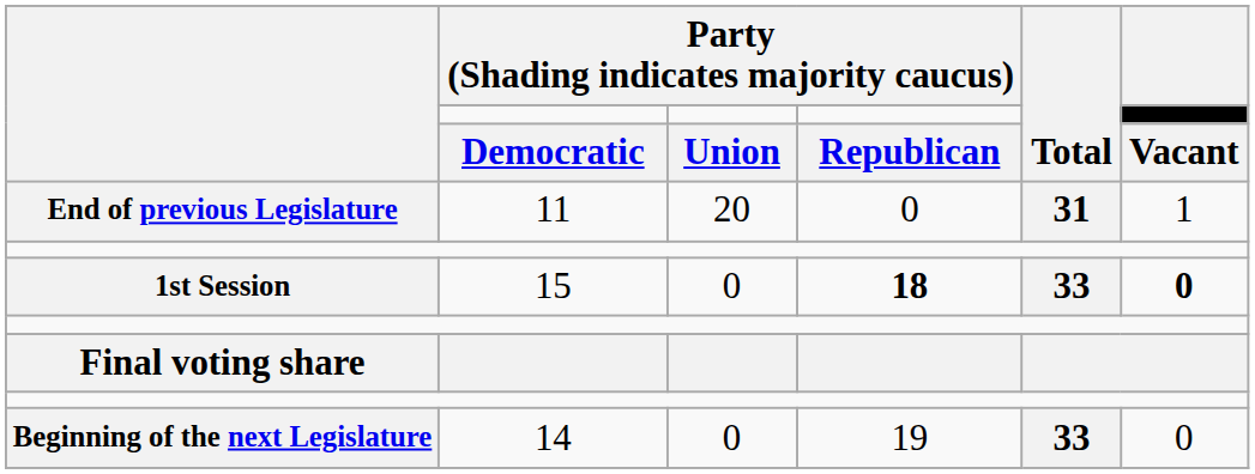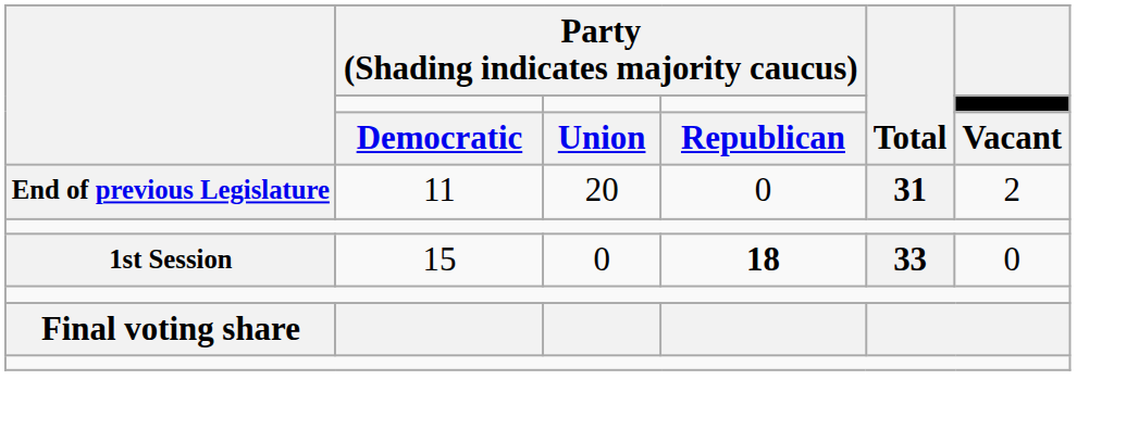 <table class=wikitable style="text-align:center">
 <tr style="vertical-align:bottom;">
 <th rowspan=3></th>
 <th colspan=3>Party <div>(Shading indicates majority caucus)</div></th>
 <th rowspan=3>Total</th>
 <th></th>
 </tr>
 <tr style="height:5px">
 <td style="background-color:"></td>
 <td style="background-color:"></td>
 <td style="background-color:"></td>
 <td style="background:black;"></td>
 </tr>
 <tr>
 <th><a href='#'>Democratic</a></th>
 <th><a href='#'>Union</a></th>
 <th><a href='#'>Republican</a></th>
 <th>Vacant</th>
 </tr>
 <tr>
 <th style="font-size:80%;">End of <a href='#'>previous Legislature</a></th>
 <td>11</td>
 <td>20</td>
 <td>0</td>
 <th>31</th>
-<td>1</td>
+<td>2</td>
 </tr>
 <tr>
 <td colspan=6></td>
 </tr>
 <tr>
 <th style="font-size:80%;">1st Session</th>
 <td>15</td>
 <td>0</td>
 <td><strong>18</strong></td>
 <th>33</th>
-<td><strong>0</strong></td>
+<td>0</td>
 </tr>
 <tr>
 <td colspan=6></td>
 </tr>
 <tr>
 <th>Final voting share</th>
 <th></th>
 <th></th>
 <th></th>
 <th colspan=2></th>
 </tr>
 <tr>
 <td colspan=6></td>
 </tr>
-<tr>
-<th style="font-size:80%;">Beginning of the <a href='#'>next Legislature</a></th>
-<td>14</td>
-<td>0</td>
-<td>19</td>
-<th>33</th>
-<td>0</td>
-</tr>
 </table>
